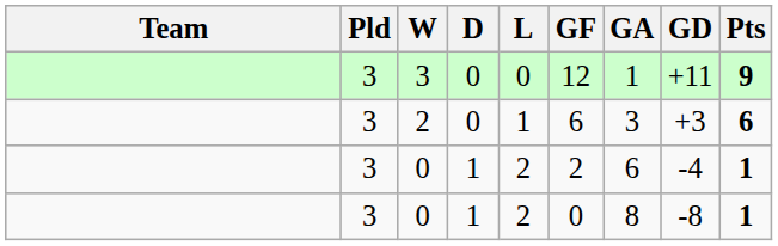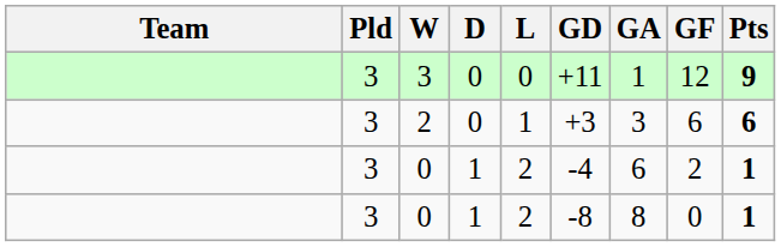 <table class="wikitable" style="text-align: center;">
 <tr>
 <th width=175>Team</th>
 <th width=20 abbr="Played">Pld</th>
 <th width=20 abbr="Won">W</th>
 <th width=20 abbr="Drawn">D</th>
 <th width=20 abbr="Lost">L</th>
+<th width=20 abbr="Goal difference">GD</th>
+<th width=20 abbr="Goals against">GA</th>
 <th width=20 abbr="Goals for">GF</th>
-<th width=20 abbr="Goals against">GA</th>
-<th width=20 abbr="Goal difference">GD</th>
 <th width=20 abbr="Points">Pts</th>
 </tr>
 <tr bgcolor=#ccffcc>
 <td align=left></td>
 <td>3</td>
 <td>3</td>
 <td>0</td>
 <td>0</td>
+<td>+11</td>
+<td>1</td>
 <td>12</td>
-<td>1</td>
-<td>+11</td>
 <td><strong>9</strong></td>
 </tr>
 <tr>
 <td align=left></td>
 <td>3</td>
 <td>2</td>
 <td>0</td>
 <td>1</td>
+<td>+3</td>
+<td>3</td>
 <td>6</td>
-<td>3</td>
-<td>+3</td>
 <td><strong>6</strong></td>
 </tr>
 <tr>
 <td align=left></td>
 <td>3</td>
 <td>0</td>
 <td>1</td>
 <td>2</td>
+<td>-4</td>
+<td>6</td>
 <td>2</td>
-<td>6</td>
-<td>-4</td>
 <td><strong>1</strong></td>
 </tr>
 <tr>
 <td align=left></td>
 <td>3</td>
 <td>0</td>
 <td>1</td>
 <td>2</td>
+<td>-8</td>
+<td>8</td>
 <td>0</td>
-<td>8</td>
-<td>-8</td>
 <td><strong>1</strong></td>
 </tr>
 </table>
